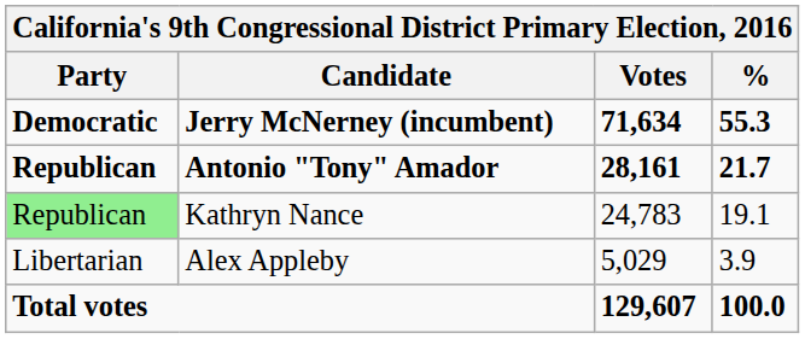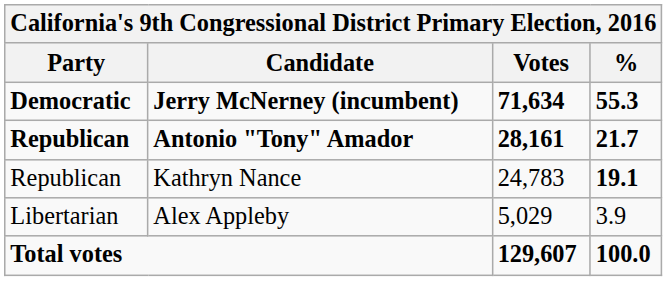 <table class="wikitable">
 <tr>
 <th colspan="4">California's 9th Congressional District Primary Election, 2016</th>
 </tr>
 <tr>
 <th>Party</th>
 <th>Candidate</th>
 <th>Votes</th>
 <th>%</th>
 </tr>
 <tr>
 <td><strong>Democratic</strong></td>
 <td><strong>Jerry McNerney (incumbent)</strong></td>
 <td><strong>71,634</strong></td>
 <td><strong>55.3</strong></td>
 </tr>
 <tr>
 <td><strong>Republican</strong></td>
 <td><strong>Antonio "Tony" Amador</strong></td>
 <td><strong>28,161</strong></td>
 <td><strong>21.7</strong></td>
 </tr>
 <tr>
-<td style="background: lightgreen;">Republican</td>
+<td>Republican</td>
 <td>Kathryn Nance</td>
 <td>24,783</td>
-<td>19.1</td>
+<td><strong>19.1</strong></td>
 </tr>
 <tr>
 <td>Libertarian</td>
 <td>Alex Appleby</td>
 <td>5,029</td>
 <td>3.9</td>
 </tr>
 <tr>
 <td colspan="2"><strong>Total votes</strong></td>
 <td><strong>129,607</strong></td>
 <td><strong>100.0</strong></td>
 </tr>
 </table>
